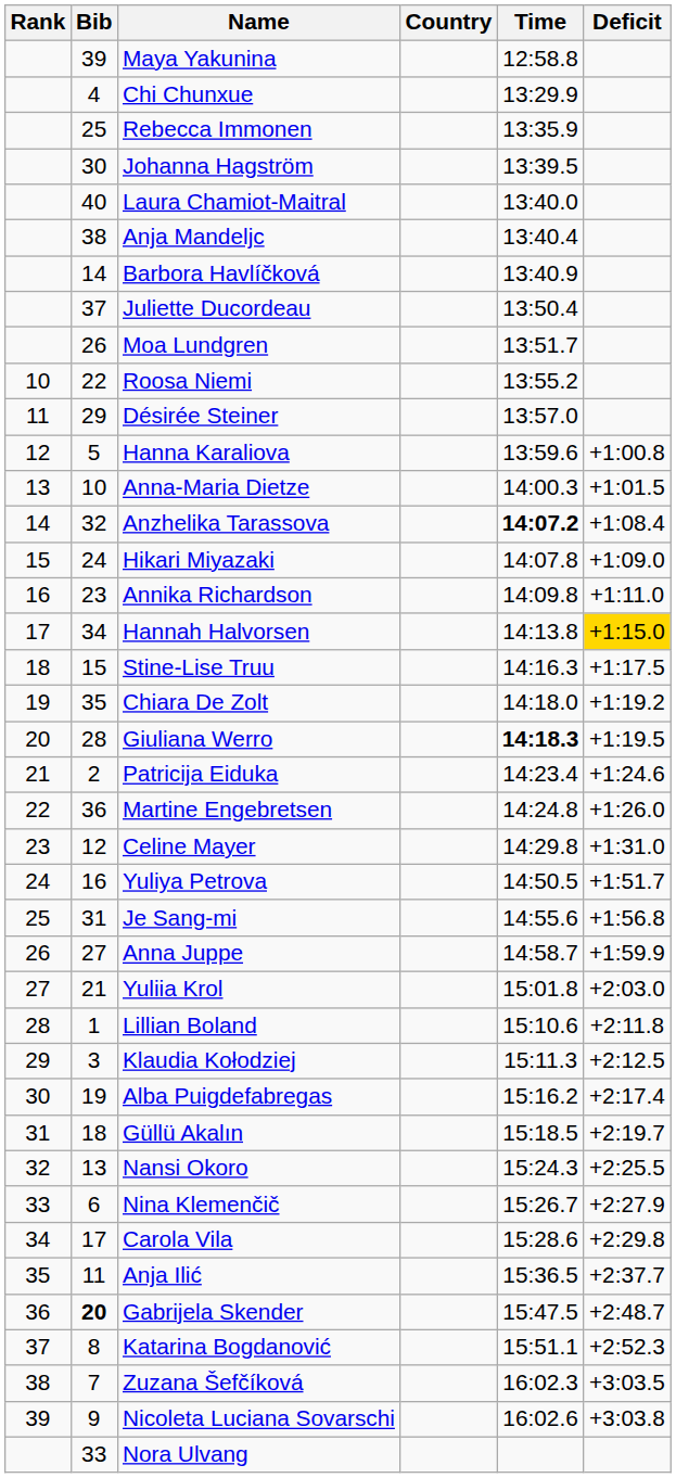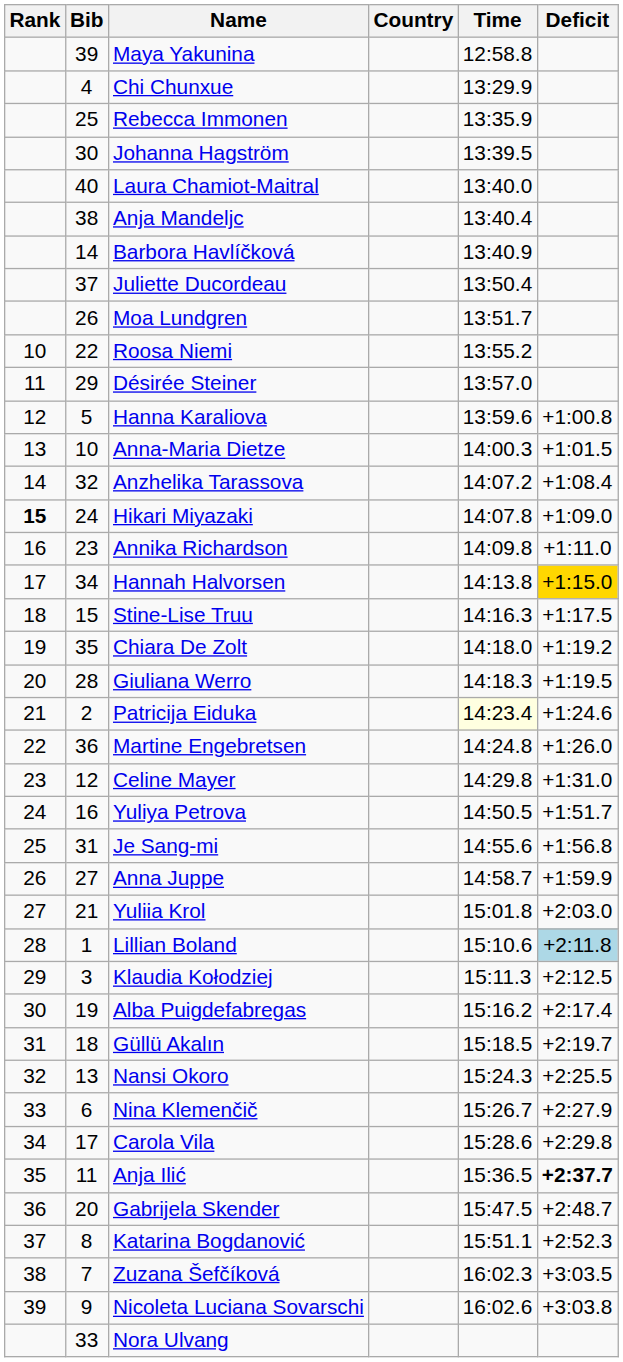 <table class="wikitable sortable" style="text-align:center">
 <tr>
 <th>Rank</th>
 <th>Bib</th>
 <th>Name</th>
 <th>Country</th>
 <th>Time</th>
 <th>Deficit</th>
 </tr>
 <tr>
 <td></td>
 <td>39</td>
 <td align=left><a href='#'>Maya Yakunina</a></td>
 <td align=left></td>
 <td>12:58.8</td>
 <td></td>
 </tr>
 <tr>
 <td></td>
 <td>4</td>
 <td align=left><a href='#'>Chi Chunxue</a></td>
 <td align=left></td>
 <td>13:29.9</td>
 <td></td>
 </tr>
 <tr>
 <td></td>
 <td>25</td>
 <td align=left><a href='#'>Rebecca Immonen</a></td>
 <td align=left></td>
 <td>13:35.9</td>
 <td></td>
 </tr>
 <tr>
 <td></td>
 <td>30</td>
 <td align=left><a href='#'>Johanna Hagström</a></td>
 <td align=left></td>
 <td>13:39.5</td>
 <td></td>
 </tr>
 <tr>
 <td></td>
 <td>40</td>
 <td align=left><a href='#'>Laura Chamiot-Maitral</a></td>
 <td align=left></td>
 <td>13:40.0</td>
 <td></td>
 </tr>
 <tr>
 <td></td>
 <td>38</td>
 <td align=left><a href='#'>Anja Mandeljc</a></td>
 <td align=left></td>
 <td>13:40.4</td>
 <td></td>
 </tr>
 <tr>
 <td></td>
 <td>14</td>
 <td align=left><a href='#'>Barbora Havlíčková</a></td>
 <td align=left></td>
 <td>13:40.9</td>
 <td></td>
 </tr>
 <tr>
 <td></td>
 <td>37</td>
 <td align=left><a href='#'>Juliette Ducordeau</a></td>
 <td align=left></td>
 <td>13:50.4</td>
 <td></td>
 </tr>
 <tr>
 <td></td>
 <td>26</td>
 <td align=left><a href='#'>Moa Lundgren</a></td>
 <td align=left></td>
 <td>13:51.7</td>
 <td></td>
 </tr>
 <tr>
 <td>10</td>
 <td>22</td>
 <td align=left><a href='#'>Roosa Niemi</a></td>
 <td align=left></td>
 <td>13:55.2</td>
 <td></td>
 </tr>
 <tr>
 <td>11</td>
 <td>29</td>
 <td align=left><a href='#'>Désirée Steiner</a></td>
 <td align=left></td>
 <td>13:57.0</td>
 <td></td>
 </tr>
 <tr>
 <td>12</td>
 <td>5</td>
 <td align=left><a href='#'>Hanna Karaliova</a></td>
 <td align=left></td>
 <td>13:59.6</td>
 <td>+1:00.8</td>
 </tr>
 <tr>
 <td>13</td>
 <td>10</td>
 <td align=left><a href='#'>Anna-Maria Dietze</a></td>
 <td align=left></td>
 <td>14:00.3</td>
 <td>+1:01.5</td>
 </tr>
 <tr>
 <td>14</td>
 <td>32</td>
 <td align=left><a href='#'>Anzhelika Tarassova</a></td>
 <td align=left></td>
-<td><strong>14:07.2</strong></td>
+<td>14:07.2</td>
 <td>+1:08.4</td>
 </tr>
 <tr>
-<td>15</td>
+<td><strong>15</strong></td>
 <td>24</td>
 <td align=left><a href='#'>Hikari Miyazaki</a></td>
 <td align=left></td>
 <td>14:07.8</td>
 <td>+1:09.0</td>
 </tr>
 <tr>
 <td>16</td>
 <td>23</td>
 <td align=left><a href='#'>Annika Richardson</a></td>
 <td align=left></td>
 <td>14:09.8</td>
 <td>+1:11.0</td>
 </tr>
 <tr>
 <td>17</td>
 <td>34</td>
 <td align=left><a href='#'>Hannah Halvorsen</a></td>
 <td align=left></td>
 <td>14:13.8</td>
 <td style="background: gold;">+1:15.0</td>
 </tr>
 <tr>
 <td>18</td>
 <td>15</td>
 <td align=left><a href='#'>Stine-Lise Truu</a></td>
 <td align=left></td>
 <td>14:16.3</td>
 <td>+1:17.5</td>
 </tr>
 <tr>
 <td>19</td>
 <td>35</td>
 <td align=left><a href='#'>Chiara De Zolt</a></td>
 <td align=left></td>
 <td>14:18.0</td>
 <td>+1:19.2</td>
 </tr>
 <tr>
 <td>20</td>
 <td>28</td>
 <td align=left><a href='#'>Giuliana Werro</a></td>
 <td align=left></td>
-<td><strong>14:18.3</strong></td>
+<td>14:18.3</td>
 <td>+1:19.5</td>
 </tr>
 <tr>
 <td>21</td>
 <td>2</td>
 <td align=left><a href='#'>Patricija Eiduka</a></td>
 <td align=left></td>
-<td>14:23.4</td>
+<td style="background: lightyellow;">14:23.4</td>
 <td>+1:24.6</td>
 </tr>
 <tr>
 <td>22</td>
 <td>36</td>
 <td align=left><a href='#'>Martine Engebretsen</a></td>
 <td align=left></td>
 <td>14:24.8</td>
 <td>+1:26.0</td>
 </tr>
 <tr>
 <td>23</td>
 <td>12</td>
 <td align=left><a href='#'>Celine Mayer</a></td>
 <td align=left></td>
 <td>14:29.8</td>
 <td>+1:31.0</td>
 </tr>
 <tr>
 <td>24</td>
 <td>16</td>
 <td align=left><a href='#'>Yuliya Petrova</a></td>
 <td align=left></td>
 <td>14:50.5</td>
 <td>+1:51.7</td>
 </tr>
 <tr>
 <td>25</td>
 <td>31</td>
 <td align=left><a href='#'>Je Sang-mi</a></td>
 <td align=left></td>
 <td>14:55.6</td>
 <td>+1:56.8</td>
 </tr>
 <tr>
 <td>26</td>
 <td>27</td>
 <td align=left><a href='#'>Anna Juppe</a></td>
 <td align=left></td>
 <td>14:58.7</td>
 <td>+1:59.9</td>
 </tr>
 <tr>
 <td>27</td>
 <td>21</td>
 <td align=left><a href='#'>Yuliia Krol</a></td>
 <td align=left></td>
 <td>15:01.8</td>
 <td>+2:03.0</td>
 </tr>
 <tr>
 <td>28</td>
 <td>1</td>
 <td align=left><a href='#'>Lillian Boland</a></td>
 <td align=left></td>
 <td>15:10.6</td>
-<td>+2:11.8</td>
+<td style="background: lightblue;">+2:11.8</td>
 </tr>
 <tr>
 <td>29</td>
 <td>3</td>
 <td align=left><a href='#'>Klaudia Kołodziej</a></td>
 <td align=left></td>
 <td>15:11.3</td>
 <td>+2:12.5</td>
 </tr>
 <tr>
 <td>30</td>
 <td>19</td>
 <td align=left><a href='#'>Alba Puigdefabregas</a></td>
 <td align=left></td>
 <td>15:16.2</td>
 <td>+2:17.4</td>
 </tr>
 <tr>
 <td>31</td>
 <td>18</td>
 <td align=left><a href='#'>Güllü Akalın</a></td>
 <td align=left></td>
 <td>15:18.5</td>
 <td>+2:19.7</td>
 </tr>
 <tr>
 <td>32</td>
 <td>13</td>
 <td align=left><a href='#'>Nansi Okoro</a></td>
 <td align=left></td>
 <td>15:24.3</td>
 <td>+2:25.5</td>
 </tr>
 <tr>
 <td>33</td>
 <td>6</td>
 <td align=left><a href='#'>Nina Klemenčič</a></td>
 <td align=left></td>
 <td>15:26.7</td>
 <td>+2:27.9</td>
 </tr>
 <tr>
 <td>34</td>
 <td>17</td>
 <td align=left><a href='#'>Carola Vila</a></td>
 <td align=left></td>
 <td>15:28.6</td>
 <td>+2:29.8</td>
 </tr>
 <tr>
 <td>35</td>
 <td>11</td>
 <td align=left><a href='#'>Anja Ilić</a></td>
 <td align=left></td>
 <td>15:36.5</td>
-<td>+2:37.7</td>
+<td><strong>+2:37.7</strong></td>
 </tr>
 <tr>
 <td>36</td>
-<td><strong>20</strong></td>
+<td>20</td>
 <td align=left><a href='#'>Gabrijela Skender</a></td>
 <td align=left></td>
 <td>15:47.5</td>
 <td>+2:48.7</td>
 </tr>
 <tr>
 <td>37</td>
 <td>8</td>
 <td align=left><a href='#'>Katarina Bogdanović</a></td>
 <td align=left></td>
 <td>15:51.1</td>
 <td>+2:52.3</td>
 </tr>
 <tr>
 <td>38</td>
 <td>7</td>
 <td align=left><a href='#'>Zuzana Šefčíková</a></td>
 <td align=left></td>
 <td>16:02.3</td>
 <td>+3:03.5</td>
 </tr>
 <tr>
 <td>39</td>
 <td>9</td>
 <td align=left><a href='#'>Nicoleta Luciana Sovarschi</a></td>
 <td align=left></td>
 <td>16:02.6</td>
 <td>+3:03.8</td>
 </tr>
 <tr>
 <td></td>
 <td>33</td>
 <td align=left><a href='#'>Nora Ulvang</a></td>
 <td align=left></td>
 <td></td>
 <td></td>
 </tr>
 </table>
